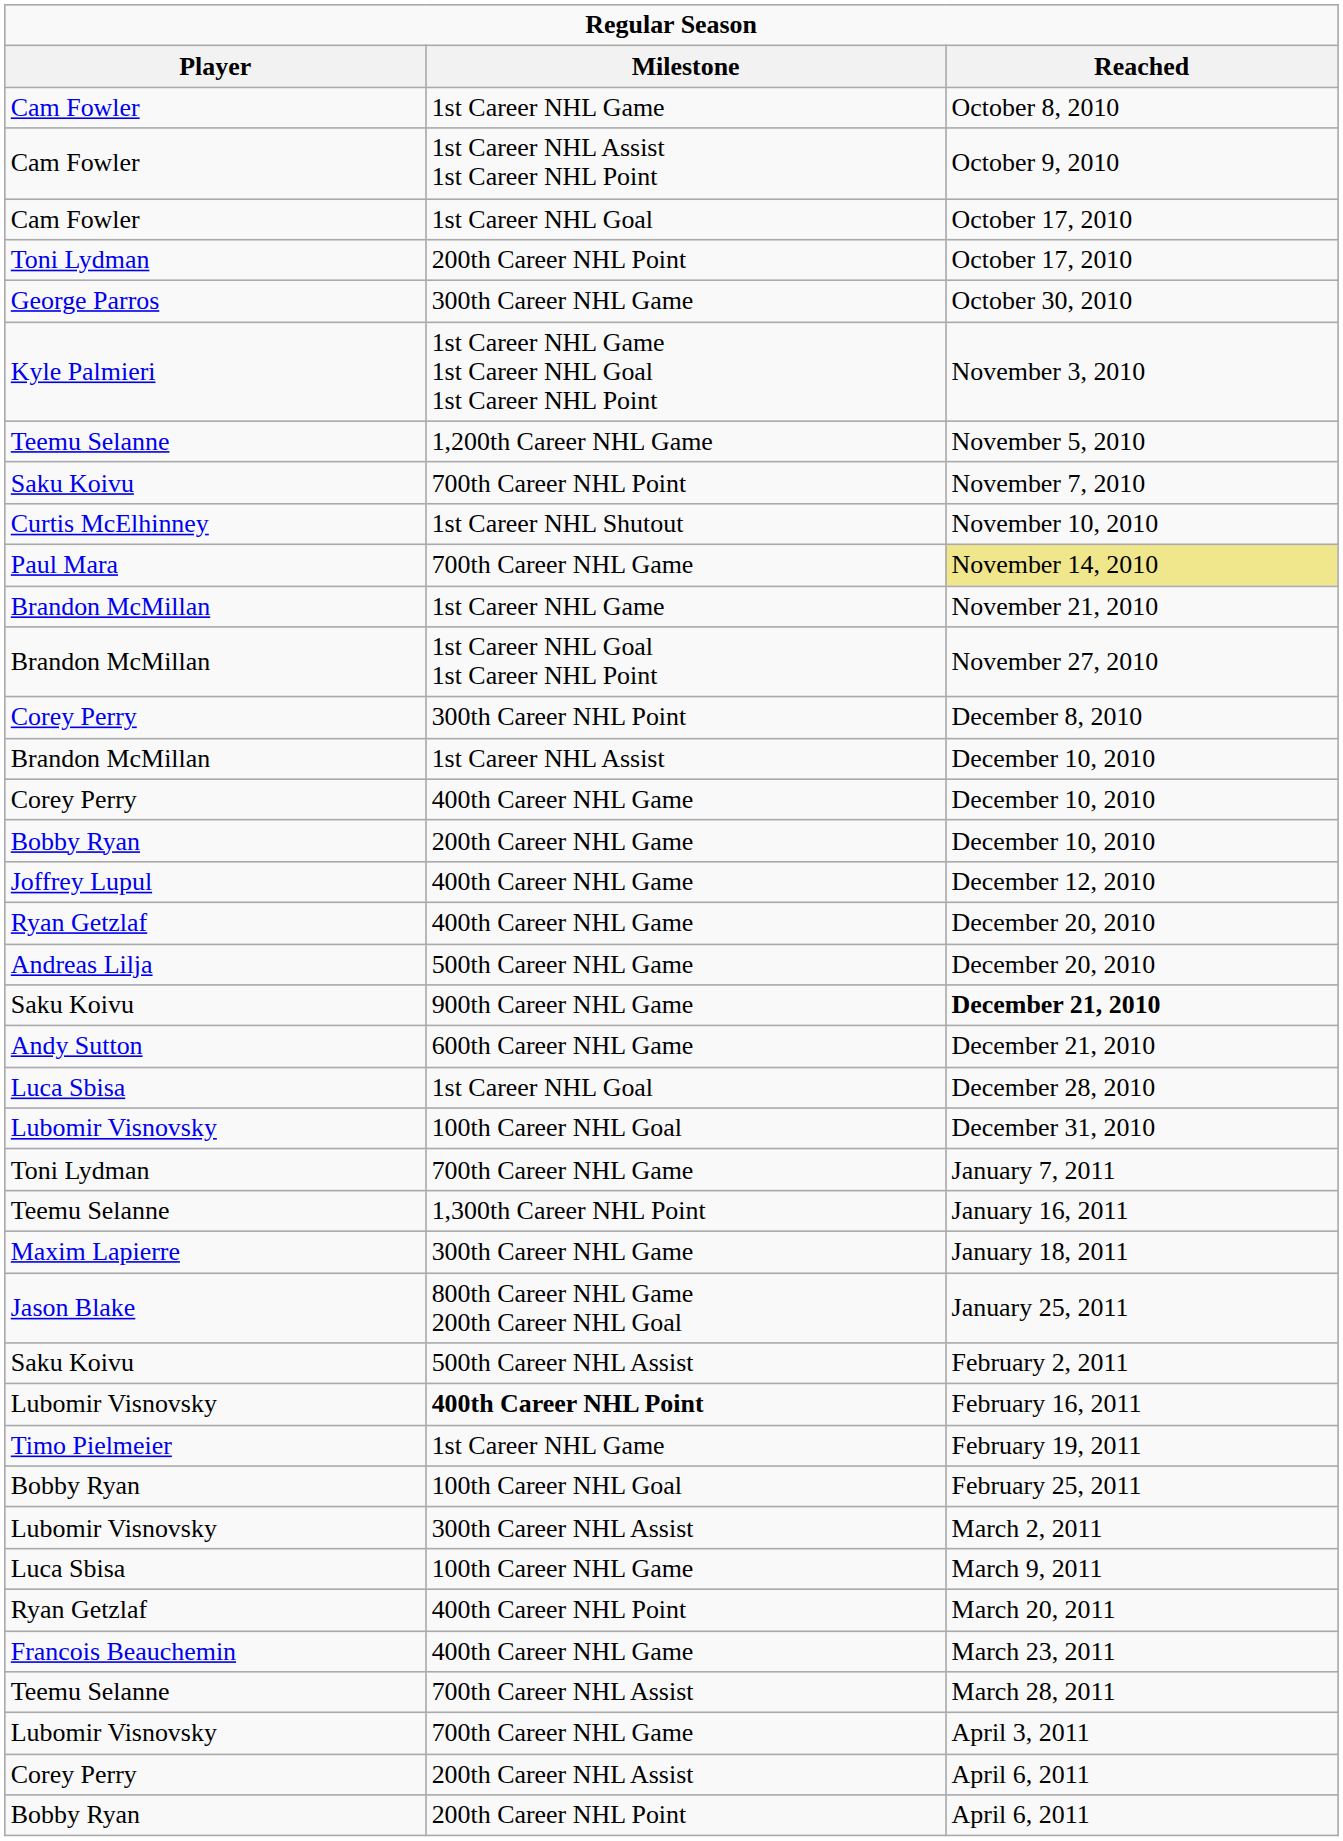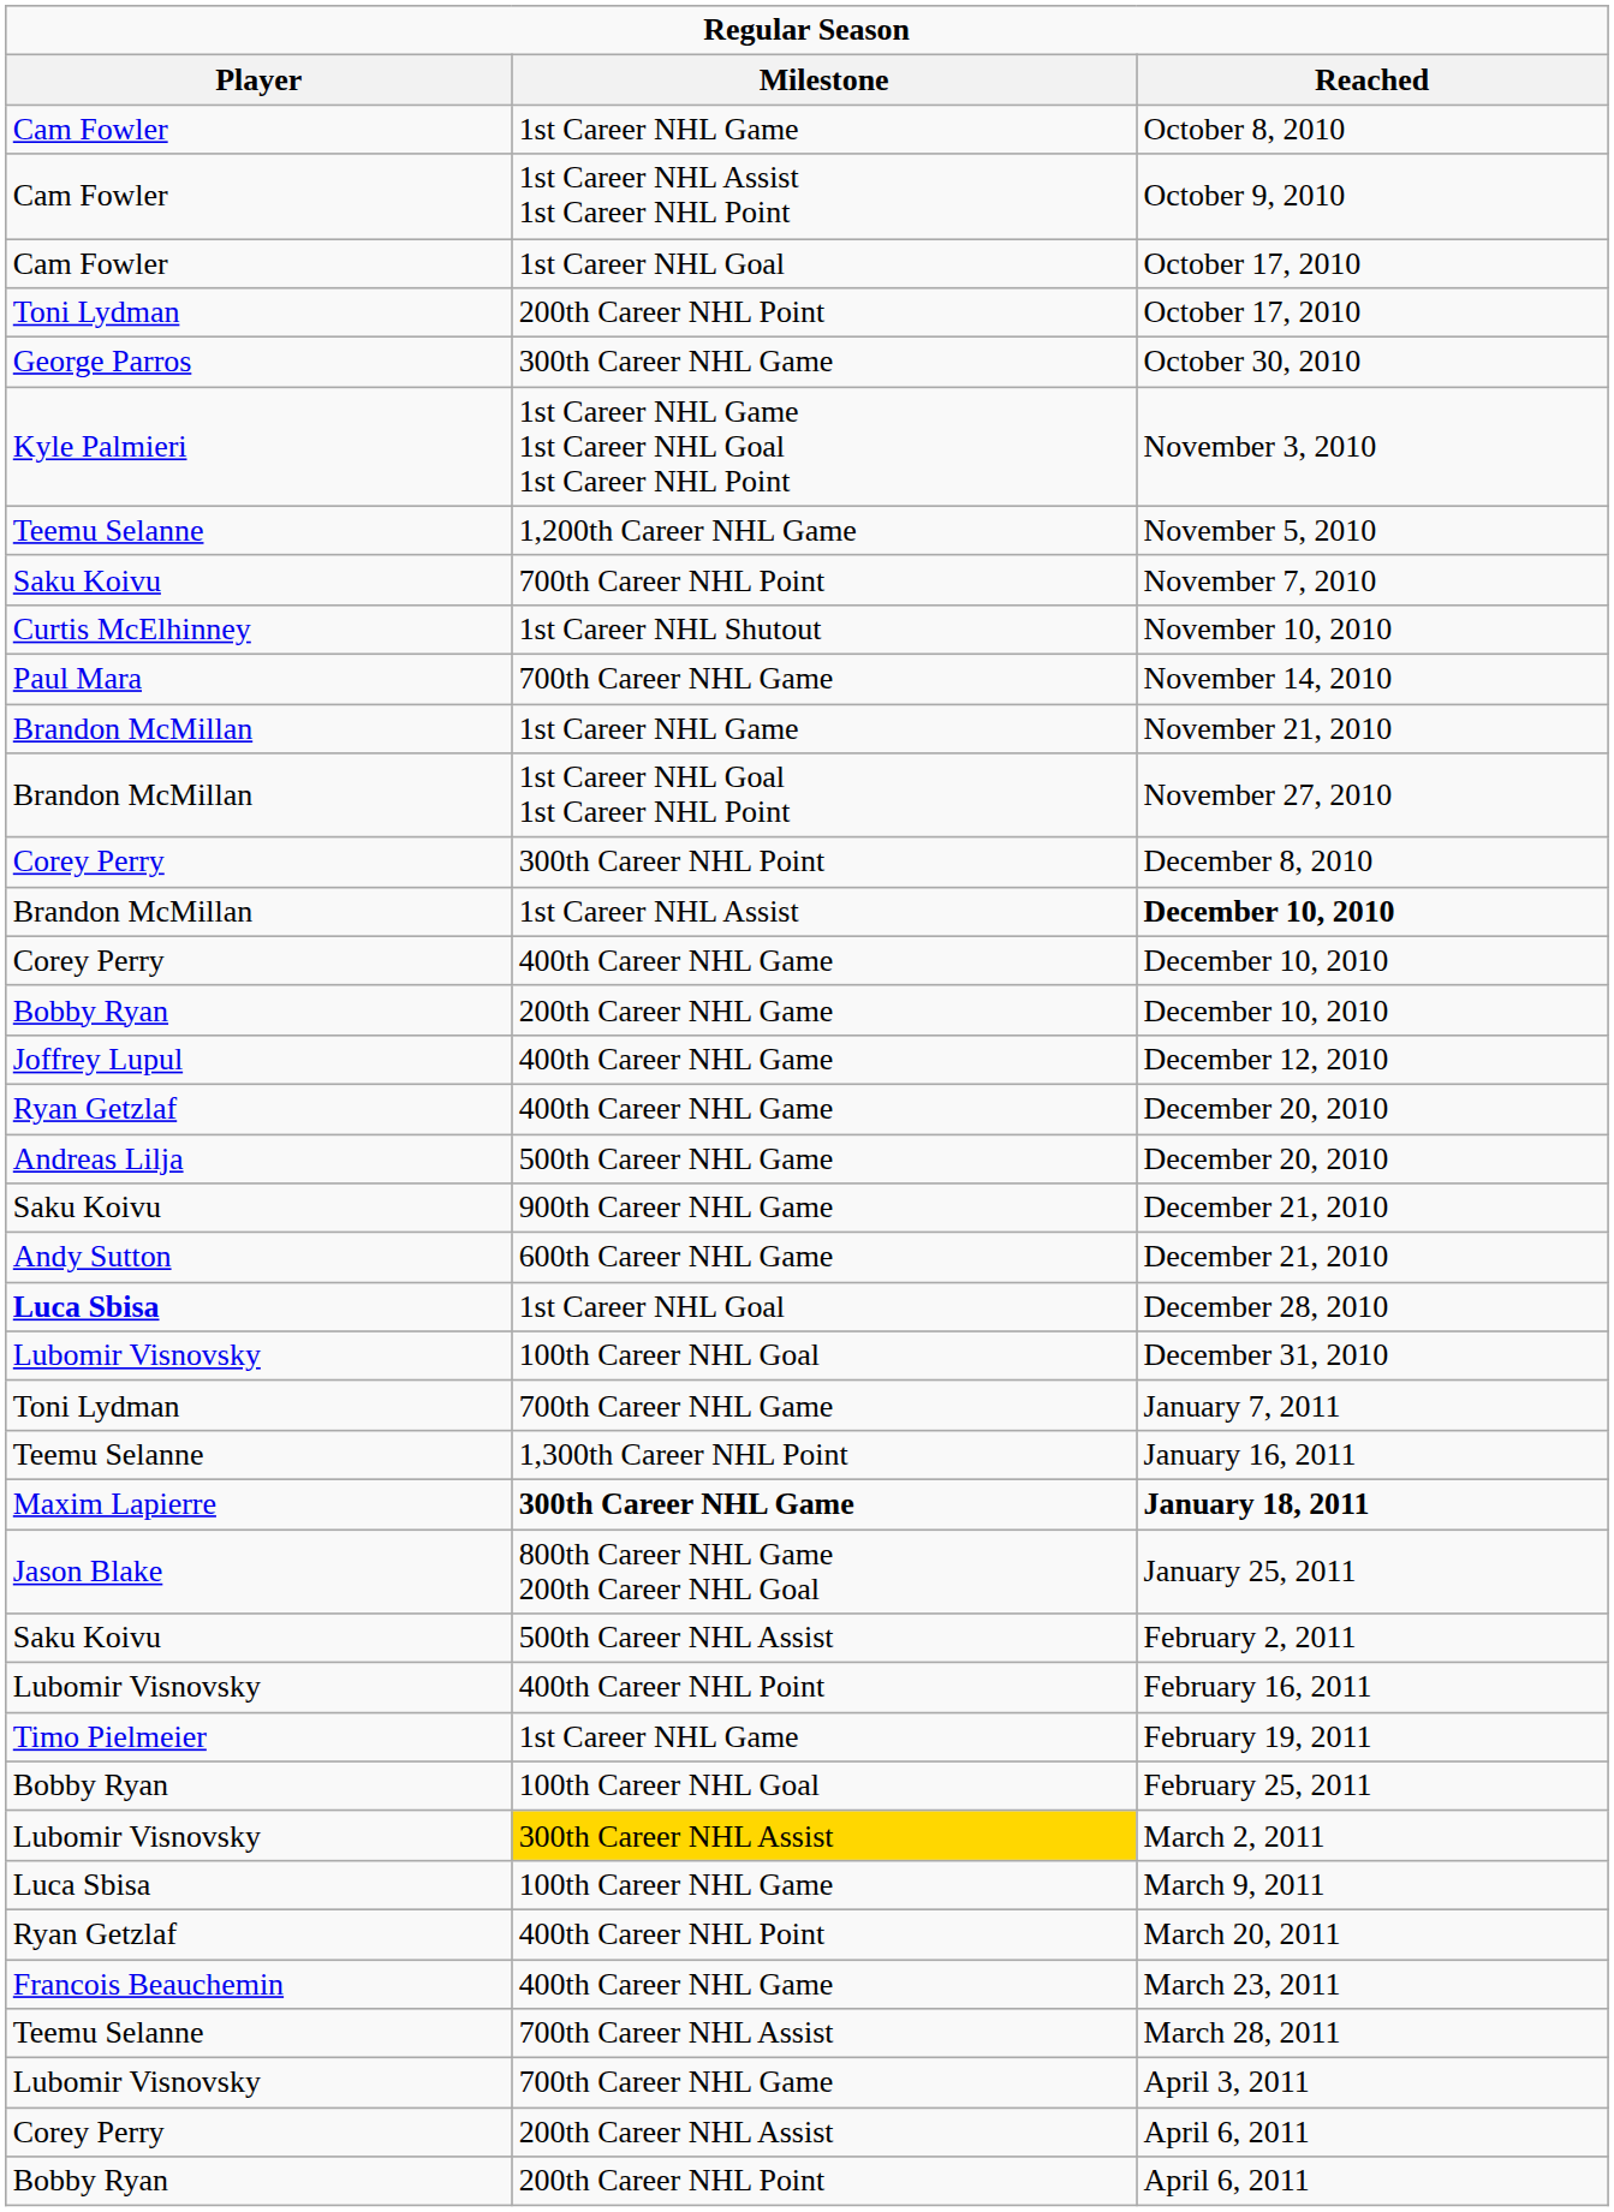 <table class="wikitable" width="52%">
 <tr>
 <td colspan="10" align="center"><strong>Regular Season</strong></td>
 </tr>
 <tr>
 <th>Player</th>
 <th>Milestone</th>
 <th>Reached</th>
 </tr>
 <tr>
 <td><a href='#'>Cam Fowler</a></td>
 <td>1st Career NHL Game</td>
 <td>October 8, 2010</td>
 </tr>
 <tr>
 <td>Cam Fowler</td>
 <td>1st Career NHL Assist<br>1st Career NHL Point</td>
 <td>October 9, 2010</td>
 </tr>
 <tr>
 <td>Cam Fowler</td>
 <td>1st Career NHL Goal</td>
 <td>October 17, 2010</td>
 </tr>
 <tr>
 <td><a href='#'>Toni Lydman</a></td>
 <td>200th Career NHL Point</td>
 <td>October 17, 2010</td>
 </tr>
 <tr>
 <td><a href='#'>George Parros</a></td>
 <td>300th Career NHL Game</td>
 <td>October 30, 2010</td>
 </tr>
 <tr>
 <td><a href='#'>Kyle Palmieri</a></td>
 <td>1st Career NHL Game<br>1st Career NHL Goal<br>1st Career NHL Point</td>
 <td>November 3, 2010</td>
 </tr>
 <tr>
 <td><a href='#'>Teemu Selanne</a></td>
 <td>1,200th Career NHL Game</td>
 <td>November 5, 2010</td>
 </tr>
 <tr>
 <td><a href='#'>Saku Koivu</a></td>
 <td>700th Career NHL Point</td>
 <td>November 7, 2010</td>
 </tr>
 <tr>
 <td><a href='#'>Curtis McElhinney</a></td>
 <td>1st Career NHL Shutout</td>
 <td>November 10, 2010</td>
 </tr>
 <tr>
 <td><a href='#'>Paul Mara</a></td>
 <td>700th Career NHL Game</td>
-<td style="background: khaki;">November 14, 2010</td>
+<td>November 14, 2010</td>
 </tr>
 <tr>
 <td><a href='#'>Brandon McMillan</a></td>
 <td>1st Career NHL Game</td>
 <td>November 21, 2010</td>
 </tr>
 <tr>
 <td>Brandon McMillan</td>
 <td>1st Career NHL Goal<br>1st Career NHL Point</td>
 <td>November 27, 2010</td>
 </tr>
 <tr>
 <td><a href='#'>Corey Perry</a></td>
 <td>300th Career NHL Point</td>
 <td>December 8, 2010</td>
 </tr>
 <tr>
 <td>Brandon McMillan</td>
 <td>1st Career NHL Assist</td>
-<td>December 10, 2010</td>
+<td><strong>December 10, 2010</strong></td>
 </tr>
 <tr>
 <td>Corey Perry</td>
 <td>400th Career NHL Game</td>
 <td>December 10, 2010</td>
 </tr>
 <tr>
 <td><a href='#'>Bobby Ryan</a></td>
 <td>200th Career NHL Game</td>
 <td>December 10, 2010</td>
 </tr>
 <tr>
 <td><a href='#'>Joffrey Lupul</a></td>
 <td>400th Career NHL Game</td>
 <td>December 12, 2010</td>
 </tr>
 <tr>
 <td><a href='#'>Ryan Getzlaf</a></td>
 <td>400th Career NHL Game</td>
 <td>December 20, 2010</td>
 </tr>
 <tr>
 <td><a href='#'>Andreas Lilja</a></td>
 <td>500th Career NHL Game</td>
 <td>December 20, 2010</td>
 </tr>
 <tr>
 <td>Saku Koivu</td>
 <td>900th Career NHL Game</td>
-<td><strong>December 21, 2010</strong></td>
+<td>December 21, 2010</td>
 </tr>
 <tr>
 <td><a href='#'>Andy Sutton</a></td>
 <td>600th Career NHL Game</td>
 <td>December 21, 2010</td>
 </tr>
 <tr>
-<td><a href='#'>Luca Sbisa</a></td>
+<td><strong><a href='#'>Luca Sbisa</a></strong></td>
 <td>1st Career NHL Goal</td>
 <td>December 28, 2010</td>
 </tr>
 <tr>
 <td><a href='#'>Lubomir Visnovsky</a></td>
 <td>100th Career NHL Goal</td>
 <td>December 31, 2010</td>
 </tr>
 <tr>
 <td>Toni Lydman</td>
 <td>700th Career NHL Game</td>
 <td>January 7, 2011</td>
 </tr>
 <tr>
 <td>Teemu Selanne</td>
 <td>1,300th Career NHL Point</td>
 <td>January 16, 2011</td>
 </tr>
 <tr>
 <td><a href='#'>Maxim Lapierre</a></td>
-<td>300th Career NHL Game</td>
-<td>January 18, 2011</td>
+<td><strong>300th Career NHL Game</strong></td>
+<td><strong>January 18, 2011</strong></td>
 </tr>
 <tr>
 <td><a href='#'>Jason Blake</a></td>
 <td>800th Career NHL Game<br>200th Career NHL Goal</td>
 <td>January 25, 2011</td>
 </tr>
 <tr>
 <td>Saku Koivu</td>
 <td>500th Career NHL Assist</td>
 <td>February 2, 2011</td>
 </tr>
 <tr>
 <td>Lubomir Visnovsky</td>
-<td><strong>400th Career NHL Point</strong></td>
+<td>400th Career NHL Point</td>
 <td>February 16, 2011</td>
 </tr>
 <tr>
 <td><a href='#'>Timo Pielmeier</a></td>
 <td>1st Career NHL Game</td>
 <td>February 19, 2011</td>
 </tr>
 <tr>
 <td>Bobby Ryan</td>
 <td>100th Career NHL Goal</td>
 <td>February 25, 2011</td>
 </tr>
 <tr>
 <td>Lubomir Visnovsky</td>
-<td>300th Career NHL Assist</td>
+<td style="background: gold;">300th Career NHL Assist</td>
 <td>March 2, 2011</td>
 </tr>
 <tr>
 <td>Luca Sbisa</td>
 <td>100th Career NHL Game</td>
 <td>March 9, 2011</td>
 </tr>
 <tr>
 <td>Ryan Getzlaf</td>
 <td>400th Career NHL Point</td>
 <td>March 20, 2011</td>
 </tr>
 <tr>
 <td><a href='#'>Francois Beauchemin</a></td>
 <td>400th Career NHL Game</td>
 <td>March 23, 2011</td>
 </tr>
 <tr>
 <td>Teemu Selanne</td>
 <td>700th Career NHL Assist</td>
 <td>March 28, 2011</td>
 </tr>
 <tr>
 <td>Lubomir Visnovsky</td>
 <td>700th Career NHL Game</td>
 <td>April 3, 2011</td>
 </tr>
 <tr>
 <td>Corey Perry</td>
 <td>200th Career NHL Assist</td>
 <td>April 6, 2011</td>
 </tr>
 <tr>
 <td>Bobby Ryan</td>
 <td>200th Career NHL Point</td>
 <td>April 6, 2011</td>
 </tr>
 </table>
